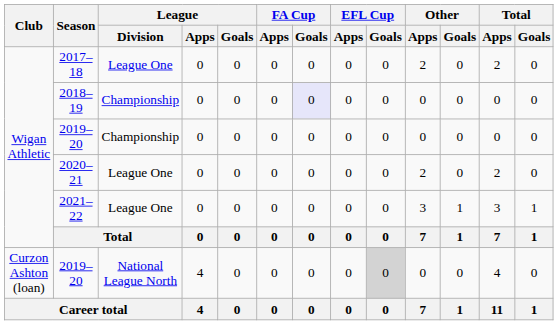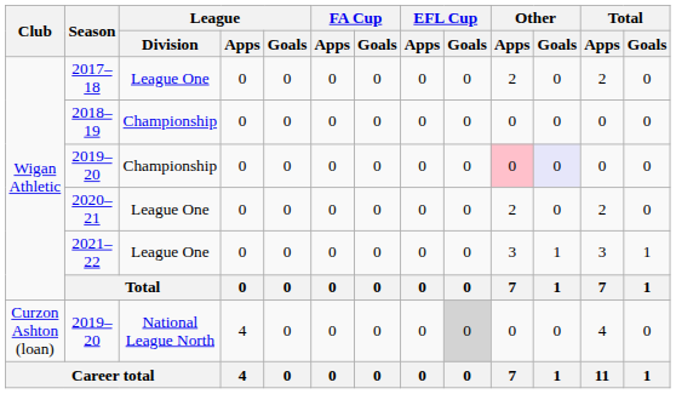 <table class="wikitable" style="text-align: center;">
 <tr>
 <th rowspan="2">Club</th>
 <th rowspan="2">Season</th>
 <th colspan="3">League</th>
 <th colspan="2"><a href='#'>FA Cup</a></th>
 <th colspan="2"><a href='#'>EFL Cup</a></th>
 <th colspan="2">Other</th>
 <th colspan="2">Total</th>
 </tr>
 <tr>
 <th>Division</th>
 <th>Apps</th>
 <th>Goals</th>
 <th>Apps</th>
 <th>Goals</th>
 <th>Apps</th>
 <th>Goals</th>
 <th>Apps</th>
 <th>Goals</th>
 <th>Apps</th>
 <th>Goals</th>
 </tr>
 <tr>
 <td rowspan="6"><a href='#'>Wigan Athletic</a></td>
 <td><a href='#'>2017–18</a></td>
 <td><a href='#'>League One</a></td>
 <td>0</td>
 <td>0</td>
 <td>0</td>
 <td>0</td>
 <td>0</td>
 <td>0</td>
 <td>2</td>
 <td>0</td>
 <td>2</td>
 <td>0</td>
 </tr>
 <tr>
 <td><a href='#'>2018–19</a></td>
 <td><a href='#'>Championship</a></td>
 <td>0</td>
 <td>0</td>
 <td>0</td>
-<td style="background: lavender;">0</td>
+<td>0</td>
 <td>0</td>
 <td>0</td>
 <td>0</td>
 <td>0</td>
 <td>0</td>
 <td>0</td>
 </tr>
 <tr>
 <td><a href='#'>2019–20</a></td>
 <td>Championship</td>
 <td>0</td>
 <td>0</td>
 <td>0</td>
 <td>0</td>
 <td>0</td>
 <td>0</td>
-<td>0</td>
-<td>0</td>
+<td style="background: pink;">0</td>
+<td style="background: lavender;">0</td>
 <td>0</td>
 <td>0</td>
 </tr>
 <tr>
 <td><a href='#'>2020–21</a></td>
 <td>League One</td>
 <td>0</td>
 <td>0</td>
 <td>0</td>
 <td>0</td>
 <td>0</td>
 <td>0</td>
 <td>2</td>
 <td>0</td>
 <td>2</td>
 <td>0</td>
 </tr>
 <tr>
 <td><a href='#'>2021–22</a></td>
 <td>League One</td>
 <td>0</td>
 <td>0</td>
 <td>0</td>
 <td>0</td>
 <td>0</td>
 <td>0</td>
 <td>3</td>
 <td>1</td>
 <td>3</td>
 <td>1</td>
 </tr>
 <tr>
 <th colspan="2">Total</th>
 <th>0</th>
 <th>0</th>
 <th>0</th>
 <th>0</th>
 <th>0</th>
 <th>0</th>
 <th>7</th>
 <th>1</th>
 <th>7</th>
 <th>1</th>
 </tr>
 <tr>
 <td><a href='#'>Curzon Ashton</a> (loan)</td>
 <td><a href='#'>2019–20</a></td>
 <td><a href='#'>National League North</a></td>
 <td>4</td>
 <td>0</td>
 <td>0</td>
 <td>0</td>
 <td>0</td>
 <td style="background: lightgrey;">0</td>
 <td>0</td>
 <td>0</td>
 <td>4</td>
 <td>0</td>
 </tr>
 <tr>
 <th colspan="3">Career total</th>
 <th>4</th>
 <th>0</th>
 <th>0</th>
 <th>0</th>
 <th>0</th>
 <th>0</th>
 <th>7</th>
 <th>1</th>
 <th>11</th>
 <th>1</th>
 </tr>
 </table>
